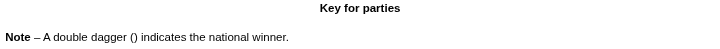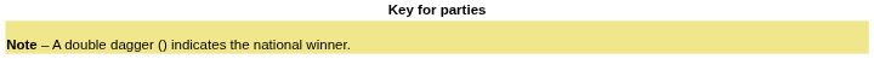 <table class="toccolours" style="width:62em">
 <tr>
 <th>Key for parties</th>
 </tr>
 <tr>
-<td><br>                             <strong>Note</strong> – A double dagger () indicates the national winner.</td>
+<td style="background: khaki;"><br>                             <strong>Note</strong> – A double dagger () indicates the national winner.</td>
 </tr>
 </table>
